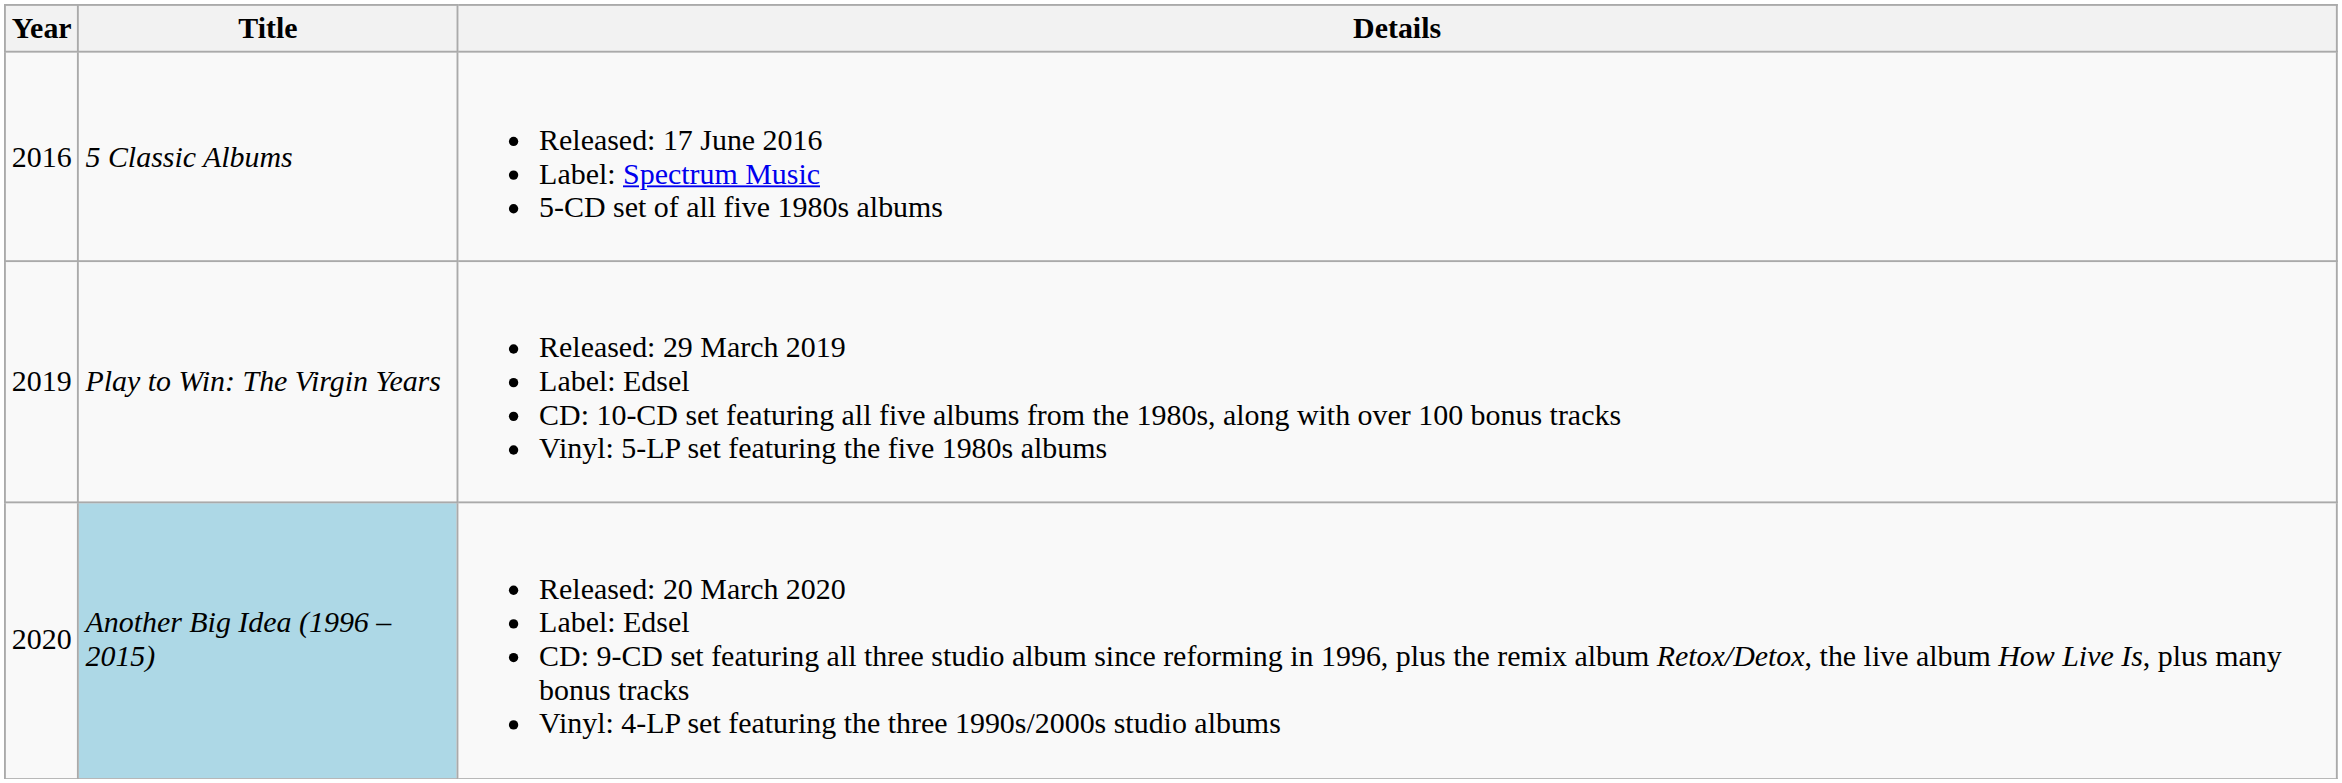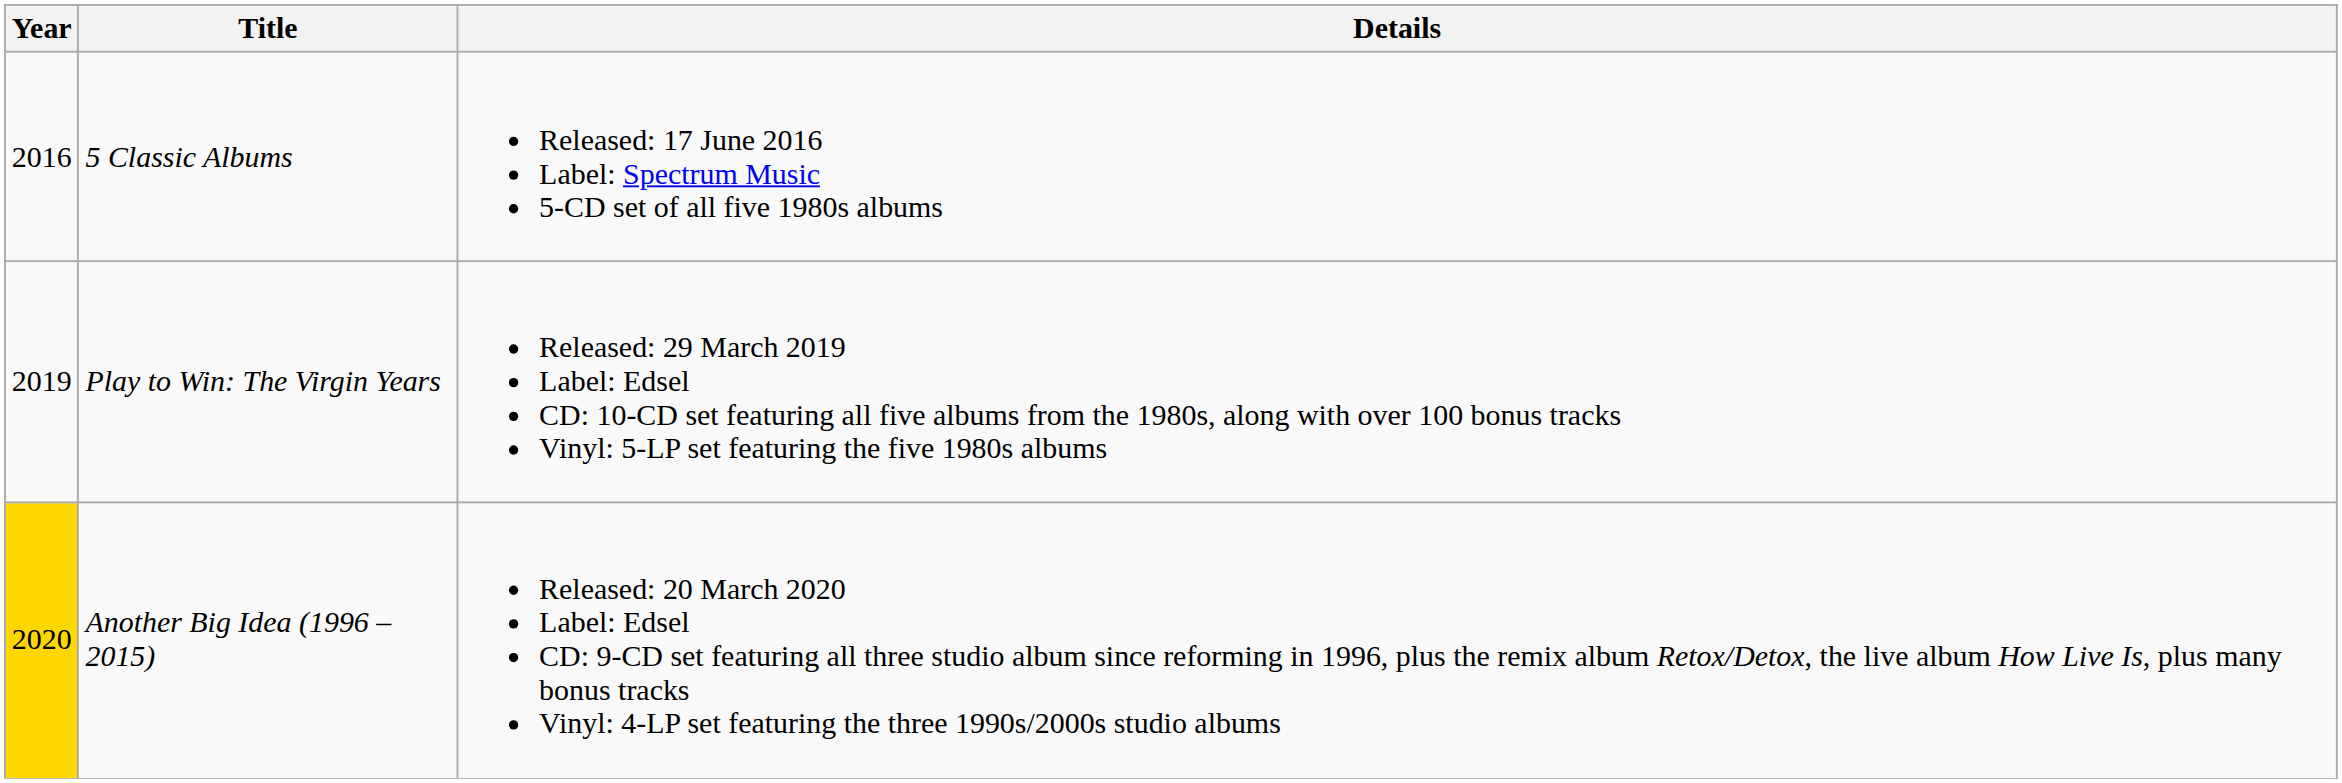 <table class="wikitable">
 <tr>
 <th>Year</th>
 <th>Title</th>
 <th>Details</th>
 </tr>
 <tr>
 <td>2016</td>
 <td><em>5 Classic Albums</em></td>
 <td><br><ul><li>Released: 17 June 2016</li><li>Label: <a href='#'>Spectrum Music</a></li><li>5-CD set of all five 1980s albums</li></ul></td>
 </tr>
 <tr>
 <td style="text-align:center;">2019</td>
 <td align="left"><em>Play to Win: The Virgin Years</em></td>
 <td><br><ul><li>Released: 29 March 2019</li><li>Label: Edsel</li><li>CD: 10-CD set featuring all five albums from the 1980s, along with over 100 bonus tracks</li><li>Vinyl: 5-LP set featuring the five 1980s albums</li></ul></td>
 </tr>
 <tr>
-<td>2020</td>
-<td style="background: lightblue;"><em>Another Big Idea (1996 – 2015)</em></td>
+<td style="background: gold;">2020</td>
+<td><em>Another Big Idea (1996 – 2015)</em></td>
 <td><br><ul><li>Released: 20 March 2020</li><li>Label: Edsel</li><li>CD: 9-CD set featuring all three studio album since reforming in 1996, plus the remix album <em>Retox/Detox</em>, the live album <em>How Live Is</em>, plus many bonus tracks</li><li>Vinyl: 4-LP set featuring the three 1990s/2000s studio albums</li></ul></td>
 </tr>
 </table>
